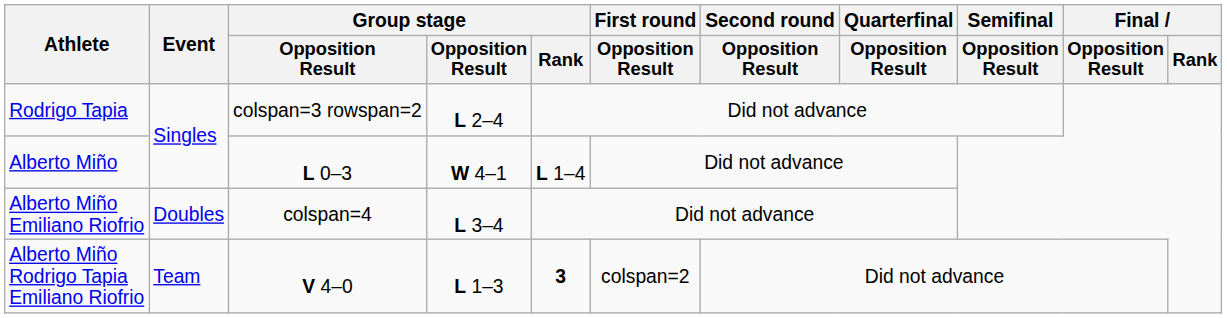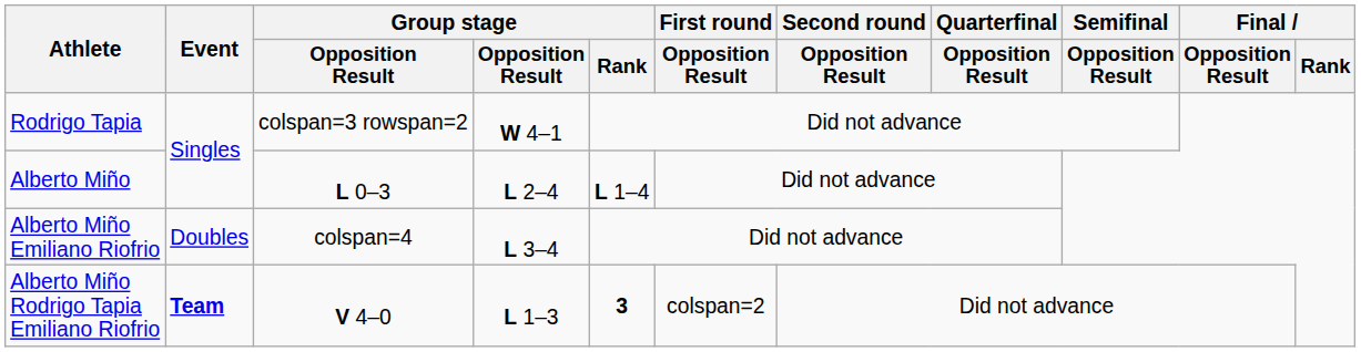 <table class=wikitable style=font-size:90%;text-align:center>
 <tr>
 <th rowspan=2>Athlete</th>
 <th rowspan=2>Event</th>
 <th colspan=3>Group stage</th>
 <th>First round</th>
 <th>Second round</th>
 <th>Quarterfinal</th>
 <th>Semifinal</th>
 <th colspan=2>Final / </th>
 </tr>
 <tr style=font-size:95%>
 <th>Opposition<br>Result</th>
 <th>Opposition<br>Result</th>
 <th>Rank</th>
 <th>Opposition<br>Result</th>
 <th>Opposition<br>Result</th>
 <th>Opposition<br>Result</th>
 <th>Opposition<br>Result</th>
 <th>Opposition<br>Result</th>
 <th>Rank</th>
 </tr>
 <tr>
 <td align=left><a href='#'>Rodrigo Tapia</a></td>
 <td align=left rowspan=2><a href='#'>Singles</a></td>
 <td>colspan=3 rowspan=2 </td>
-<td><br><strong>L</strong> 2–4</td>
+<td><br><strong>W</strong> 4–1</td>
 <td colspan=5>Did not advance</td>
 </tr>
 <tr>
 <td align=left><a href='#'>Alberto Miño</a></td>
 <td><br><strong>L</strong> 0–3</td>
-<td><br><strong>W</strong> 4–1</td>
+<td><br><strong>L</strong> 2–4</td>
 <td><br><strong>L</strong> 1–4</td>
 <td colspan=3>Did not advance</td>
 </tr>
 <tr>
 <td align=left><a href='#'>Alberto Miño</a><br><a href='#'>Emiliano Riofrio</a></td>
 <td align=left><a href='#'>Doubles</a></td>
 <td>colspan=4 </td>
 <td><br><strong>L</strong> 3–4</td>
 <td colspan=4>Did not advance</td>
 </tr>
 <tr>
 <td align=left><a href='#'>Alberto Miño</a><br><a href='#'>Rodrigo Tapia</a><br><a href='#'>Emiliano Riofrio</a></td>
-<td align=left><a href='#'>Team</a></td>
+<td align=left><strong><a href='#'>Team</a></strong></td>
 <td><br><strong>V</strong> 4–0</td>
 <td><br><strong>L</strong> 1–3</td>
 <td><strong>3</strong></td>
 <td>colspan=2 </td>
 <td colspan=4>Did not advance</td>
 </tr>
 </table>
